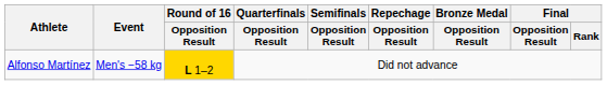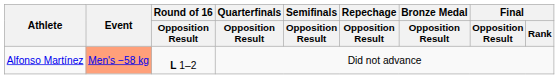 <table class="wikitable" style="font-size:90%">
 <tr>
 <th rowspan="2">Athlete</th>
 <th rowspan="2">Event</th>
 <th>Round of 16</th>
 <th>Quarterfinals</th>
 <th>Semifinals</th>
 <th>Repechage</th>
 <th>Bronze Medal</th>
 <th colspan=2>Final</th>
 </tr>
 <tr style="font-size:95%">
 <th>Opposition<br>Result</th>
 <th>Opposition<br>Result</th>
 <th>Opposition<br>Result</th>
 <th>Opposition<br>Result</th>
 <th>Opposition<br>Result</th>
 <th>Opposition<br>Result</th>
 <th>Rank</th>
 </tr>
 <tr align=center>
 <td align=left><a href='#'>Alfonso Martínez</a></td>
-<td align=left><a href='#'>Men's −58 kg</a></td>
-<td style="background: gold;"><br><strong>L</strong> 1–2</td>
+<td align=left style="background: lightsalmon;"><a href='#'>Men's −58 kg</a></td>
+<td><br><strong>L</strong> 1–2</td>
 <td colspan=6>Did not advance</td>
 </tr>
 </table>
